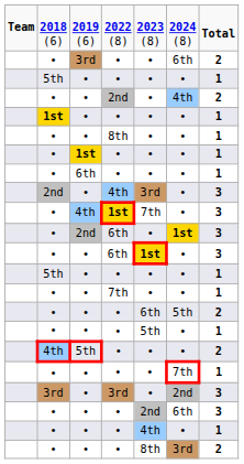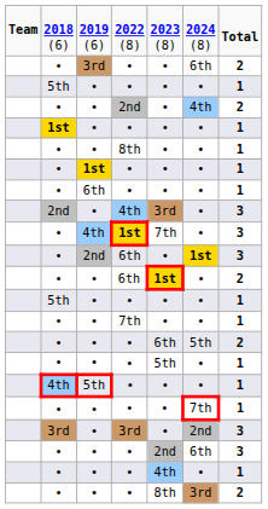 <table class="wikitable" style="text-align:center; font-size:90%">
 <tr>
 <td><strong>Team</strong></td>
 <td><br><strong><a href='#'>2018</a></strong><br>(6)</td>
 <td><br><strong><a href='#'>2019</a></strong><br>(6)</td>
 <td><br><strong><a href='#'>2022</a></strong><br>(8)</td>
 <td><br><strong><a href='#'>2023</a></strong><br>(8)</td>
 <td><br><strong><a href='#'>2024</a></strong><br>(8)</td>
 <td><br><strong>Total</strong></td>
 </tr>
 <tr bgcolor=#ffffff>
 <td align=left></td>
 <td>•</td>
 <td bgcolor=#cc9966>3rd</td>
 <td>•</td>
 <td>•</td>
 <td>6th</td>
 <td><strong>2</strong></td>
 </tr>
 <tr bgcolor=#e8e8f0>
 <td align=left></td>
 <td>5th</td>
 <td>•</td>
 <td>•</td>
 <td>•</td>
 <td>•</td>
 <td><strong>1</strong></td>
 </tr>
 <tr bgcolor=#ffffff>
 <td align=left></td>
 <td>•</td>
 <td>•</td>
 <td bgcolor=silver>2nd</td>
 <td>•</td>
 <td bgcolor=#9acdff>4th</td>
 <td><strong>2</strong></td>
 </tr>
 <tr bgcolor=#e8e8f0>
 <td align=left></td>
 <td bgcolor=gold><strong>1st</strong></td>
 <td>•</td>
 <td>•</td>
 <td>•</td>
 <td>•</td>
 <td><strong>1</strong></td>
 </tr>
 <tr bgcolor=#ffffff>
 <td align=left></td>
 <td>•</td>
 <td>•</td>
 <td>8th</td>
 <td>•</td>
 <td>•</td>
 <td><strong>1</strong></td>
 </tr>
 <tr bgcolor=#e8e8f0>
 <td align=left></td>
 <td>•</td>
 <td bgcolor=gold><strong>1st</strong></td>
 <td>•</td>
 <td>•</td>
 <td>•</td>
 <td><strong>1</strong></td>
 </tr>
 <tr bgcolor=#ffffff>
 <td align=left></td>
 <td>•</td>
 <td>6th</td>
 <td>•</td>
 <td>•</td>
 <td>•</td>
 <td><strong>1</strong></td>
 </tr>
 <tr bgcolor=#e8e8f0>
 <td align=left></td>
 <td bgcolor=silver>2nd</td>
 <td>•</td>
 <td bgcolor=#9acdff>4th</td>
 <td bgcolor=#cc9966>3rd</td>
 <td>•</td>
 <td><strong>3</strong></td>
 </tr>
 <tr bgcolor=#ffffff>
 <td align=left></td>
 <td>•</td>
 <td bgcolor=#9acdff>4th</td>
 <td style="border:3px solid red" bgcolor=gold><strong>1st</strong></td>
 <td>7th</td>
 <td>•</td>
 <td><strong>3</strong></td>
 </tr>
 <tr bgcolor= #e8e8f0>
 <td align=left></td>
 <td>•</td>
 <td bgcolor=silver>2nd</td>
 <td>6th</td>
 <td>•</td>
 <td bgcolor=gold><strong>1st</strong></td>
 <td><strong>3</strong></td>
 </tr>
 <tr bgcolor=#ffffff>
 <td align=left></td>
 <td>•</td>
 <td>•</td>
 <td>6th</td>
 <td style="border: 3px solid red" bgcolor=gold><strong>1st</strong></td>
 <td>•</td>
-<td><strong>3</strong></td>
+<td><strong>2</strong></td>
 </tr>
 <tr bgcolor=#e8e8f0>
 <td align=left></td>
 <td>5th</td>
 <td>•</td>
 <td>•</td>
 <td>•</td>
 <td>•</td>
 <td><strong>1</strong></td>
 </tr>
 <tr bgcolor=#ffffff>
 <td align=left></td>
 <td>•</td>
 <td>•</td>
 <td>7th</td>
 <td>•</td>
 <td>•</td>
 <td><strong>1</strong></td>
 </tr>
 <tr bgcolor=#e8e8f0>
 <td align=left></td>
 <td>•</td>
 <td>•</td>
 <td>•</td>
 <td>6th</td>
 <td>5th</td>
 <td><strong>2</strong></td>
 </tr>
 <tr bgcolor=#ffffff>
 <td align=left></td>
 <td>•</td>
 <td>•</td>
 <td>•</td>
 <td>5th</td>
 <td>•</td>
 <td><strong>1</strong></td>
 </tr>
 <tr bgcolor=#e8e8f0>
 <td align=left></td>
 <td style="border:3px solid red" bgcolor=#9acdff>4th</td>
 <td style="border:3px solid red">5th</td>
 <td>•</td>
 <td>•</td>
 <td>•</td>
-<td><strong>2</strong></td>
+<td><strong>1</strong></td>
 </tr>
 <tr bgcolor=#ffffff>
 <td align=left></td>
 <td>•</td>
 <td>•</td>
 <td>•</td>
 <td>•</td>
 <td style="border:3px solid red">7th</td>
 <td><strong>1</strong></td>
 </tr>
 <tr bgcolor=#e8e8f0>
 <td align=left></td>
 <td bgcolor=#cc9966>3rd</td>
 <td>•</td>
 <td bgcolor=#cc9966>3rd</td>
 <td>•</td>
 <td bgcolor=silver>2nd</td>
 <td><strong>3</strong></td>
 </tr>
 <tr bgcolor=#ffffff>
 <td align=left></td>
 <td>•</td>
 <td>•</td>
 <td>•</td>
 <td bgcolor=silver>2nd</td>
 <td>6th</td>
 <td><strong>3</strong></td>
 </tr>
 <tr bgcolor=#e8e8f0>
 <td align=left></td>
 <td>•</td>
 <td>•</td>
 <td>•</td>
 <td bgcolor=#9acdff>4th</td>
 <td>•</td>
 <td><strong>1</strong></td>
 </tr>
 <tr bgcolor=#ffffff>
 <td align=left></td>
 <td>•</td>
 <td>•</td>
 <td>•</td>
 <td •>8th</td>
 <td bgcolor=#cc9966>3rd</td>
 <td><strong>2</strong></td>
 </tr>
 </table>
